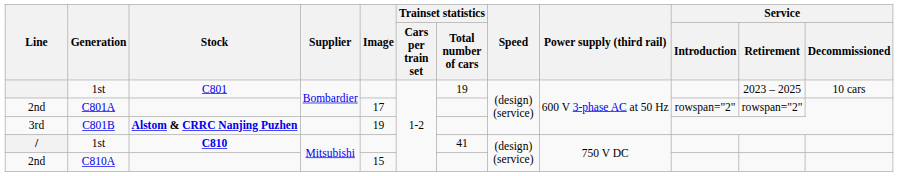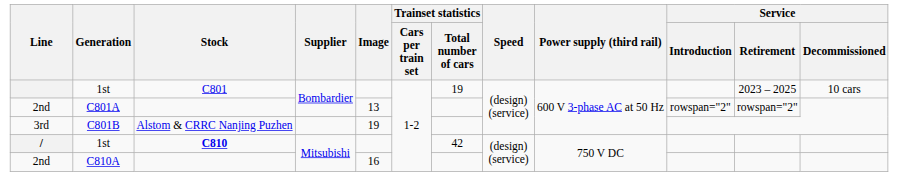 <table class="wikitable" style="margin: 0 auto; text-align:center">
 <tr>
 <th rowspan="2" style="width:5em">Line</th>
 <th rowspan="2">Generation</th>
 <th rowspan="2">Stock</th>
 <th rowspan="2">Supplier</th>
 <th rowspan="2">Image</th>
 <th colspan="2">Trainset statistics</th>
 <th rowspan="2" style="width:4em">Speed</th>
 <th rowspan="2">Power supply (third rail)</th>
 <th colspan="3">Service</th>
 </tr>
 <tr>
 <th style="width:3em">Cars per train set</th>
 <th style="width:4em">Total number of cars</th>
 <th>Introduction</th>
 <th>Retirement</th>
 <th>Decommissioned</th>
 </tr>
 <tr>
 <th style="background-color:#"><a href='#'></a></th>
 <td>1st</td>
 <td><a href='#'>C801</a></td>
 <td rowspan="2"><a href='#'>Bombardier</a></td>
 <td></td>
 <td rowspan="5">1-2</td>
 <td>19</td>
 <td rowspan="3"> (design)<br> (service)</td>
 <td rowspan="3">600 V <a href='#'>3-phase AC</a> at 50 Hz</td>
 <td></td>
 <td>2023 – 2025</td>
 <td>10 cars</td>
 </tr>
 <tr>
 <td>2nd</td>
 <td><a href='#'>C801A</a></td>
 <td></td>
-<td>17</td>
+<td>13</td>
 <td></td>
 <td>rowspan="2" </td>
 <td>rowspan="2" </td>
 </tr>
 <tr>
 <td>3rd</td>
 <td><a href='#'>C801B</a></td>
-<td><strong><a href='#'>Alstom</a> & <a href='#'>CRRC Nanjing Puzhen</a></strong></td>
+<td><a href='#'>Alstom</a> & <a href='#'>CRRC Nanjing Puzhen</a></td>
 <td></td>
 <td>19</td>
 <td></td>
 </tr>
 <tr>
 <th style="background-color:#"><a href='#'></a> / <a href='#'></a></th>
 <td>1st</td>
 <td><strong><a href='#'>C810</a></strong></td>
 <td rowspan="2"><a href='#'>Mitsubishi</a></td>
 <td></td>
-<td>41</td>
+<td>42</td>
 <td rowspan="2"> (design)<br> (service)</td>
 <td rowspan="2">750 V DC</td>
 <td></td>
 <td></td>
 <td></td>
 </tr>
 <tr>
 <td>2nd</td>
 <td><a href='#'>C810A</a></td>
 <td></td>
-<td>15</td>
+<td>16</td>
 <td></td>
 <td></td>
 <td></td>
 </tr>
 </table>
